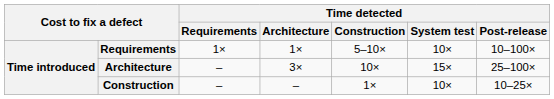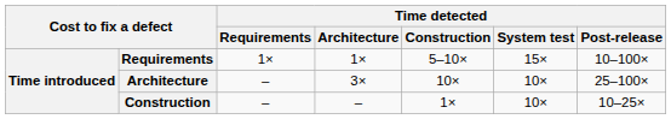 <table class="wikitable" style="text-align:center;">
 <tr>
 <th rowspan="2" colspan="2">Cost to fix a defect</th>
 <th colspan="5">Time detected</th>
 </tr>
 <tr>
 <th>Requirements</th>
 <th>Architecture</th>
 <th>Construction</th>
 <th>System test</th>
 <th>Post-release</th>
 </tr>
 <tr>
 <th rowspan="3">Time introduced</th>
 <th>Requirements</th>
 <td>1×</td>
 <td>1×</td>
 <td>5–10×</td>
-<td>10×</td>
+<td>15×</td>
 <td>10–100×</td>
 </tr>
 <tr>
 <th>Architecture</th>
 <td>–</td>
 <td>3×</td>
 <td>10×</td>
-<td>15×</td>
+<td>10×</td>
 <td>25–100×</td>
 </tr>
 <tr>
 <th>Construction</th>
 <td>–</td>
 <td>–</td>
 <td>1×</td>
 <td>10×</td>
 <td>10–25×</td>
 </tr>
 </table>
